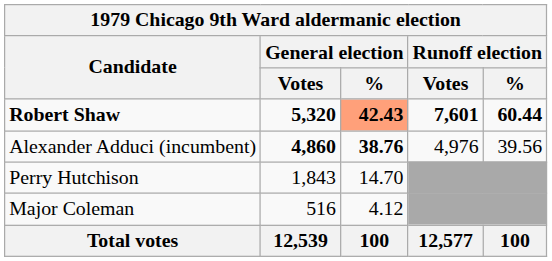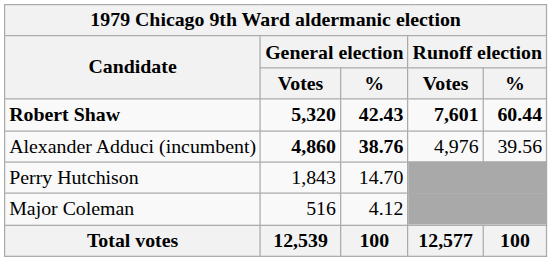 <table class=wikitable>
 <tr>
 <th colspan=5>1979 Chicago 9th Ward aldermanic election</th>
 </tr>
 <tr>
 <th colspan=1 rowspan=2>Candidate</th>
 <th colspan=2><strong>General election</strong></th>
 <th colspan=2><strong>Runoff election</strong></th>
 </tr>
 <tr>
 <th>Votes</th>
 <th>%</th>
 <th>Votes</th>
 <th>%</th>
 </tr>
 <tr>
 <td><strong>Robert Shaw</strong></td>
 <td align="right"><strong>5,320</strong></td>
-<td align="right" style="background: lightsalmon;"><strong>42.43</strong></td>
+<td align="right"><strong>42.43</strong></td>
 <td align="right"><strong>7,601</strong></td>
 <td align="right"><strong>60.44</strong></td>
 </tr>
 <tr>
 <td>Alexander Adduci (incumbent)</td>
 <td align="right"><strong>4,860</strong></td>
 <td align="right"><strong>38.76</strong></td>
 <td align="right">4,976</td>
 <td align="right">39.56</td>
 </tr>
 <tr>
 <td>Perry Hutchison</td>
 <td align="right">1,843</td>
 <td align="right">14.70</td>
 <td colspan=2 bgcolor=darkgray></td>
 </tr>
 <tr>
 <td>Major Coleman</td>
 <td align="right">516</td>
 <td align="right">4.12</td>
 <td colspan=2 bgcolor=darkgray></td>
 </tr>
 <tr>
 <th>Total votes</th>
 <th>12,539</th>
 <th>100</th>
 <th>12,577</th>
 <th>100</th>
 </tr>
 </table>
